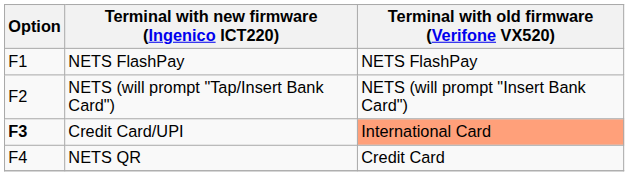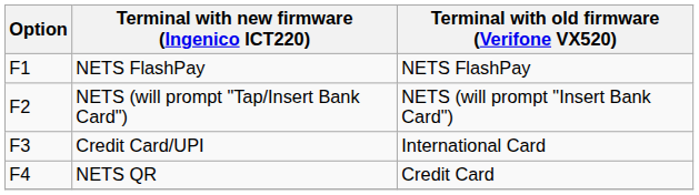 <table class="wikitable">
 <tr>
 <th>Option</th>
 <th>Terminal with new firmware <br> (<a href='#'>Ingenico</a> ICT220)</th>
 <th>Terminal with old firmware <br> (<a href='#'>Verifone</a> VX520)</th>
 </tr>
 <tr>
 <td>F1</td>
 <td>NETS FlashPay</td>
 <td>NETS FlashPay</td>
 </tr>
 <tr>
 <td>F2</td>
 <td>NETS (will prompt "Tap/Insert Bank Card")</td>
 <td>NETS (will prompt "Insert Bank Card")</td>
 </tr>
 <tr>
-<td><strong>F3</strong></td>
+<td>F3</td>
 <td>Credit Card/UPI</td>
-<td style="background: lightsalmon;">International Card</td>
+<td>International Card</td>
 </tr>
 <tr>
 <td>F4</td>
 <td>NETS QR</td>
 <td>Credit Card</td>
 </tr>
 <tr>
 </tr>
 </table>
